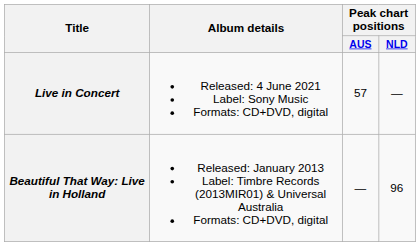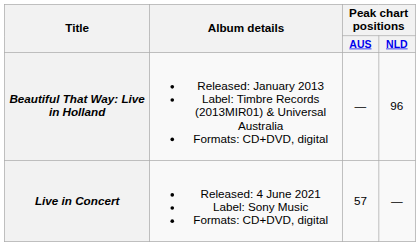 <table class="wikitable plainrowheaders" style="text-align:center;" border="1">
 <tr>
 <th scope="col" rowspan="2" style="width:12em;">Title</th>
 <th scope="col" rowspan="2" style="width:16em;">Album details</th>
 <th scope="col" colspan="2">Peak chart positions</th>
 </tr>
 <tr>
 <th scope="col" style="width:3em;font-size:90%;"><a href='#'>AUS</a><br></th>
 <th scope="col" style="width:3em;font-size:90%;"><a href='#'>NLD</a><br></th>
 </tr>
 <tr>
+<th scope="row"><em>Beautiful That Way: Live in Holland</em></th>
+<td><br><ul><li>Released: January 2013</li><li>Label: Timbre Records (2013MIR01) & Universal Australia</li><li>Formats: CD+DVD, digital</li></ul></td>
+<td>—</td>
+<td>96</td>
+</tr>
+<tr>
 <th scope="row"><em>Live in Concert</em></th>
 <td><br><ul><li>Released: 4 June 2021</li><li>Label: Sony Music</li><li>Formats: CD+DVD, digital</li></ul></td>
 <td>57</td>
 <td>—</td>
 </tr>
-<tr>
-<th scope="row"><em>Beautiful That Way: Live in Holland</em></th>
-<td><br><ul><li>Released: January 2013</li><li>Label: Timbre Records (2013MIR01) & Universal Australia</li><li>Formats: CD+DVD, digital</li></ul></td>
-<td>—</td>
-<td>96</td>
-</tr>
 </table>
